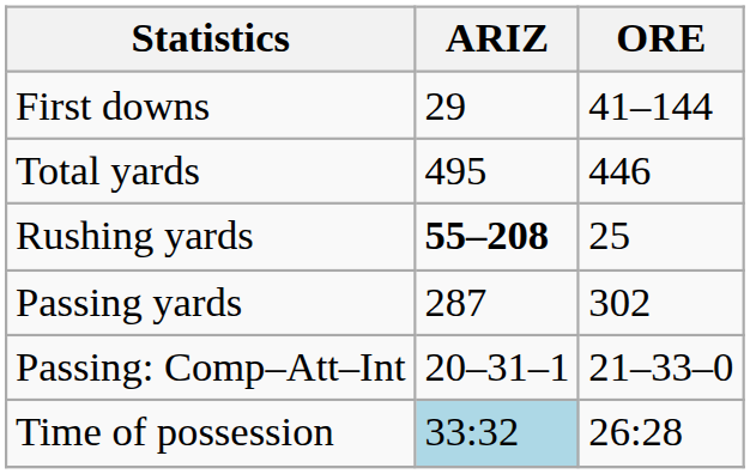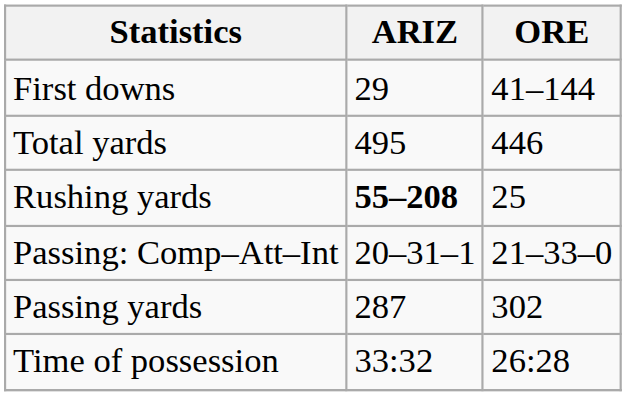 <table class="wikitable" style="float: left;">
 <tr>
 <th>Statistics</th>
 <th>ARIZ</th>
 <th>ORE</th>
 </tr>
 <tr>
 <td>First downs</td>
 <td>29</td>
 <td>41–144</td>
 </tr>
 <tr>
 <td>Total yards</td>
 <td>495</td>
 <td>446</td>
 </tr>
 <tr>
 <td>Rushing yards</td>
 <td><strong>55–208</strong></td>
 <td>25</td>
 </tr>
 <tr>
+<td>Passing: Comp–Att–Int</td>
+<td>20–31–1</td>
+<td>21–33–0</td>
+</tr>
+<tr>
 <td>Passing yards</td>
 <td>287</td>
 <td>302</td>
 </tr>
 <tr>
-<td>Passing: Comp–Att–Int</td>
-<td>20–31–1</td>
-<td>21–33–0</td>
-</tr>
-<tr>
 <td>Time of possession</td>
-<td style="background: lightblue;">33:32</td>
+<td>33:32</td>
 <td>26:28</td>
 </tr>
 <tr>
 </tr>
 </table>
